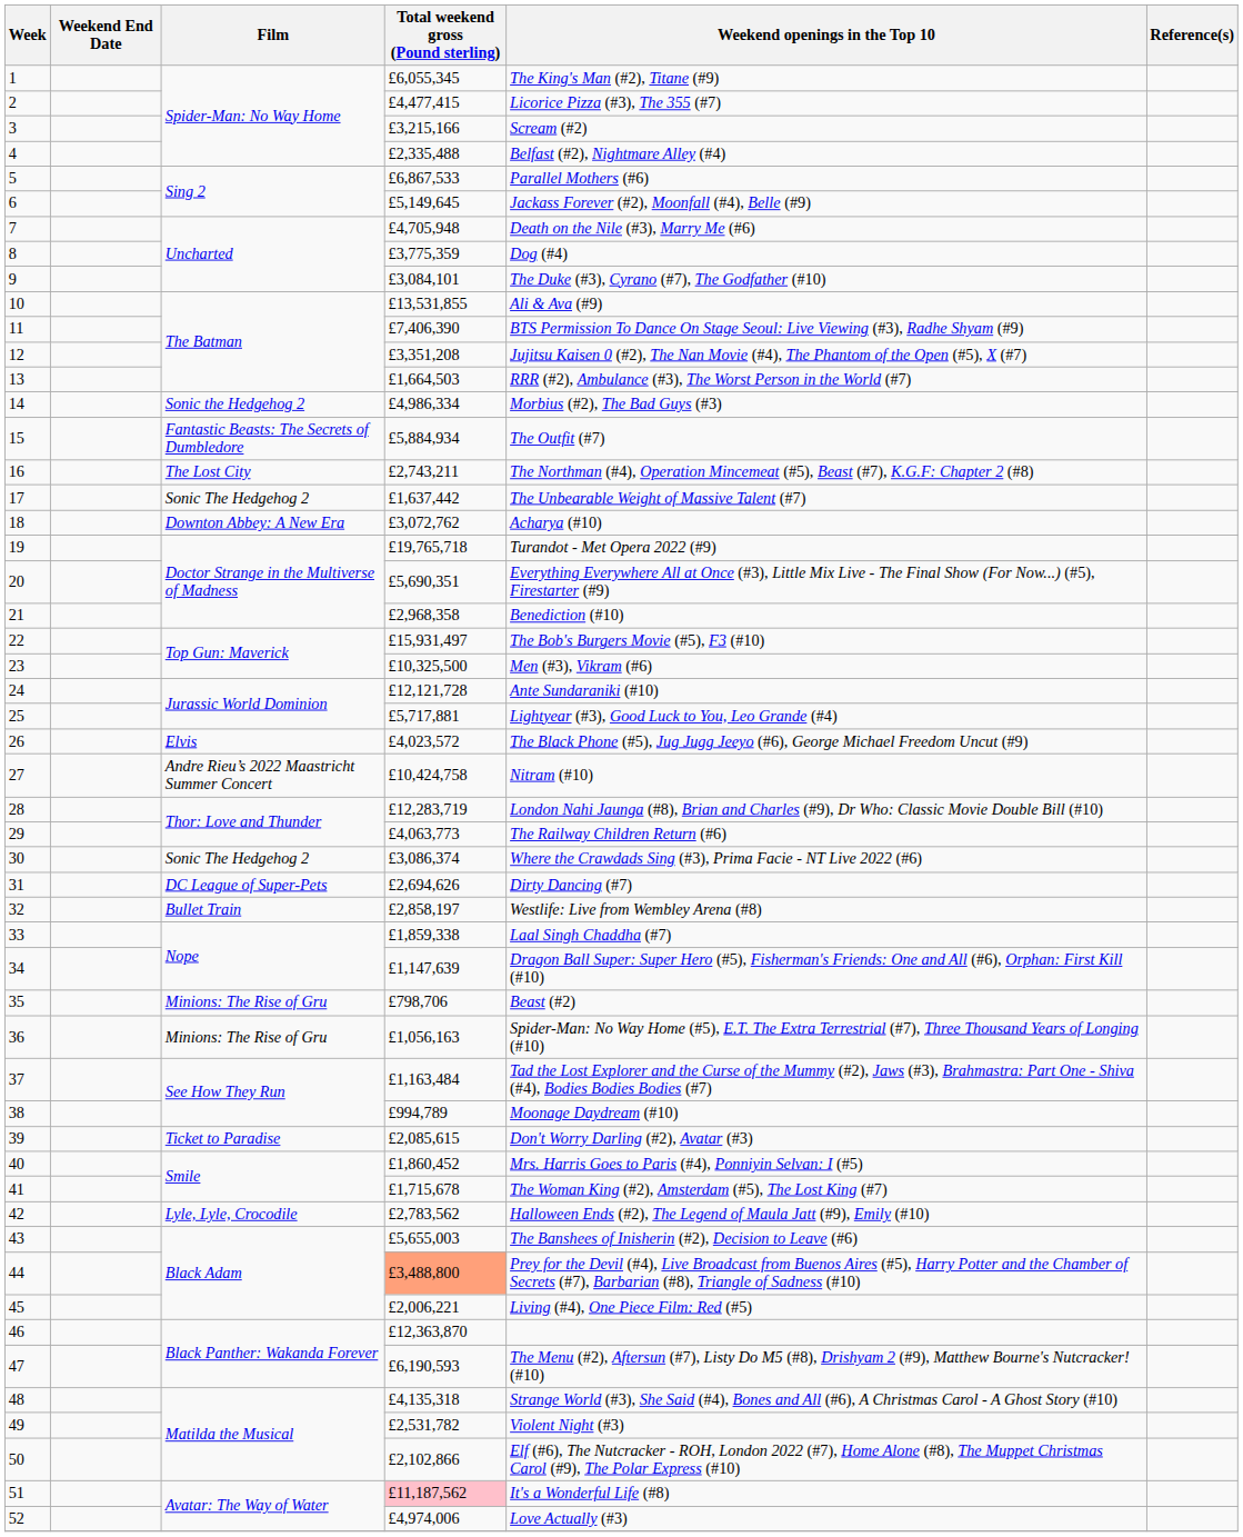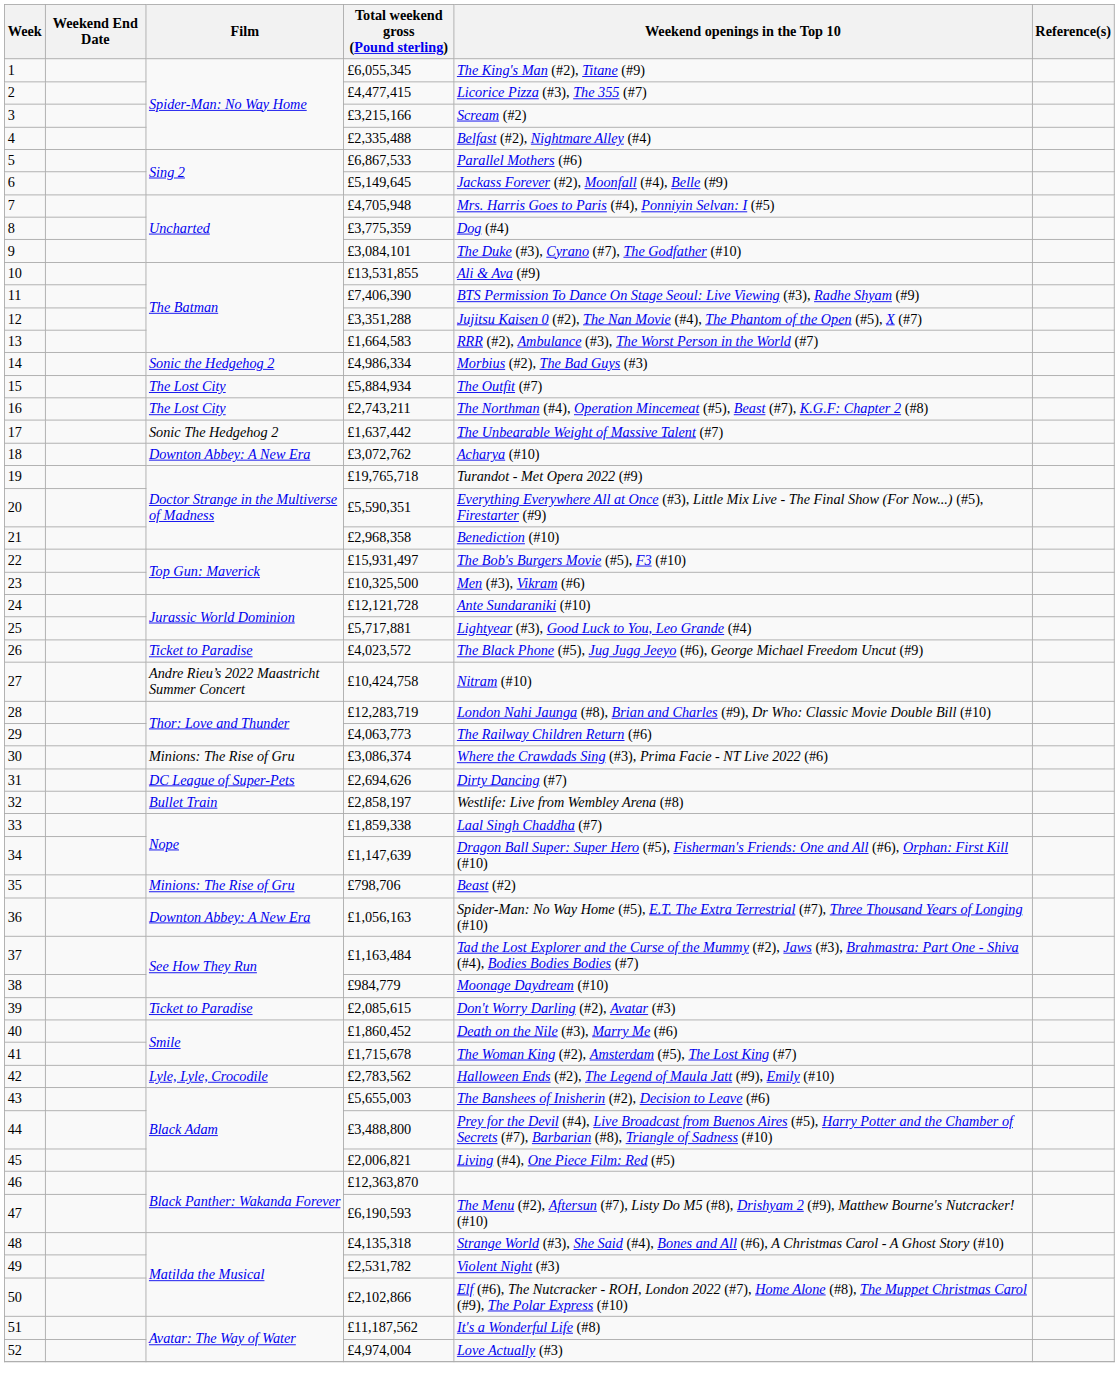 <table class="wikitable sortable">
 <tr>
 <th>Week</th>
 <th>Weekend End Date</th>
 <th>Film</th>
 <th>Total weekend gross<br>(<a href='#'>Pound sterling</a>)</th>
 <th>Weekend openings in the Top 10</th>
 <th>Reference(s)</th>
 </tr>
 <tr>
 <td>1</td>
 <td></td>
 <td rowspan="4"><em><a href='#'>Spider-Man: No Way Home</a></em></td>
 <td>£6,055,345</td>
 <td><em><a href='#'>The King's Man</a></em> (#2), <em><a href='#'>Titane</a></em> (#9)</td>
 <td align="center"></td>
 </tr>
 <tr>
 <td>2</td>
 <td></td>
 <td>£4,477,415</td>
 <td><em><a href='#'>Licorice Pizza</a></em> (#3), <em><a href='#'>The 355</a></em> (#7)</td>
 <td align="center"></td>
 </tr>
 <tr>
 <td>3</td>
 <td></td>
 <td>£3,215,166</td>
 <td><em><a href='#'>Scream</a></em> (#2)</td>
 <td align="center"></td>
 </tr>
 <tr>
 <td>4</td>
 <td></td>
 <td>£2,335,488</td>
 <td><em><a href='#'>Belfast</a></em> (#2), <em><a href='#'>Nightmare Alley</a></em> (#4)</td>
 <td align="center"></td>
 </tr>
 <tr>
 <td>5</td>
 <td></td>
 <td rowspan="2"><em><a href='#'>Sing 2</a></em></td>
 <td>£6,867,533</td>
 <td><em><a href='#'>Parallel Mothers</a></em> (#6)</td>
 <td align="center"></td>
 </tr>
 <tr>
 <td>6</td>
 <td></td>
 <td>£5,149,645</td>
 <td><em><a href='#'>Jackass Forever</a></em> (#2), <em><a href='#'>Moonfall</a></em> (#4), <em><a href='#'>Belle</a></em> (#9)</td>
 <td align="center"></td>
 </tr>
 <tr>
 <td>7</td>
 <td></td>
 <td rowspan="3"><em><a href='#'>Uncharted</a></em></td>
 <td>£4,705,948</td>
-<td><em><a href='#'>Death on the Nile</a></em> (#3), <em><a href='#'>Marry Me</a></em> (#6)</td>
+<td><em><a href='#'>Mrs. Harris Goes to Paris</a></em> (#4), <em><a href='#'>Ponniyin Selvan: I</a></em> (#5)</td>
 <td align="center"></td>
 </tr>
 <tr>
 <td>8</td>
 <td></td>
 <td>£3,775,359</td>
 <td><em><a href='#'>Dog</a></em> (#4)</td>
 <td align="center"></td>
 </tr>
 <tr>
 <td>9</td>
 <td></td>
 <td>£3,084,101</td>
 <td><em><a href='#'>The Duke</a></em> (#3), <em><a href='#'>Cyrano</a></em> (#7), <em><a href='#'>The Godfather</a></em> (#10)</td>
 <td align="center"></td>
 </tr>
 <tr>
 <td>10</td>
 <td></td>
 <td rowspan="4"><em><a href='#'>The Batman</a></em></td>
 <td>£13,531,855</td>
 <td><em><a href='#'>Ali & Ava</a></em> (#9)</td>
 <td align="center"></td>
 </tr>
 <tr>
 <td>11</td>
 <td></td>
 <td>£7,406,390</td>
 <td><em><a href='#'>BTS Permission To Dance On Stage Seoul: Live Viewing</a></em> (#3), <em><a href='#'>Radhe Shyam</a></em> (#9)</td>
 <td align="center"></td>
 </tr>
 <tr>
 <td>12</td>
 <td></td>
-<td>£3,351,208</td>
+<td>£3,351,288</td>
 <td><em><a href='#'>Jujitsu Kaisen 0</a></em> (#2), <em><a href='#'>The Nan Movie</a></em> (#4), <em><a href='#'>The Phantom of the Open</a></em> (#5), <em><a href='#'>X</a></em> (#7)</td>
 <td align="center"></td>
 </tr>
 <tr>
 <td>13</td>
 <td></td>
-<td>£1,664,503</td>
+<td>£1,664,583</td>
 <td><em><a href='#'>RRR</a></em> (#2), <em><a href='#'>Ambulance</a></em> (#3), <em><a href='#'>The Worst Person in the World</a></em> (#7)</td>
 <td align="center"></td>
 </tr>
 <tr>
 <td>14</td>
 <td></td>
 <td><em><a href='#'>Sonic the Hedgehog 2</a></em></td>
 <td>£4,986,334</td>
 <td><em><a href='#'>Morbius</a></em> (#2), <em><a href='#'>The Bad Guys</a></em> (#3)</td>
 <td align="center"></td>
 </tr>
 <tr>
 <td>15</td>
 <td></td>
-<td><em><a href='#'>Fantastic Beasts: The Secrets of Dumbledore</a></em></td>
+<td><em><a href='#'>The Lost City</a></em></td>
 <td>£5,884,934</td>
 <td><em><a href='#'>The Outfit</a></em> (#7)</td>
 <td align="center"></td>
 </tr>
 <tr>
 <td>16</td>
 <td></td>
 <td><em><a href='#'>The Lost City</a></em></td>
 <td>£2,743,211</td>
 <td><em><a href='#'>The Northman</a></em> (#4), <em><a href='#'>Operation Mincemeat</a></em> (#5), <em><a href='#'>Beast</a></em> (#7), <em><a href='#'>K.G.F: Chapter 2</a></em> (#8)</td>
 <td align="center"></td>
 </tr>
 <tr>
 <td>17</td>
 <td></td>
 <td><em>Sonic The Hedgehog 2</em></td>
 <td>£1,637,442</td>
 <td><em><a href='#'>The Unbearable Weight of Massive Talent</a></em> (#7)</td>
 <td align="center"></td>
 </tr>
 <tr>
 <td>18</td>
 <td></td>
 <td><em><a href='#'>Downton Abbey: A New Era</a></em></td>
 <td>£3,072,762</td>
 <td><em><a href='#'>Acharya</a></em> (#10)</td>
 <td align="center"></td>
 </tr>
 <tr>
 <td>19</td>
 <td></td>
 <td rowspan="3"><em><a href='#'>Doctor Strange in the Multiverse of Madness</a></em></td>
 <td>£19,765,718</td>
 <td><em>Turandot - Met Opera 2022</em> (#9)</td>
 <td align="center"></td>
 </tr>
 <tr>
 <td>20</td>
 <td></td>
-<td>£5,690,351</td>
+<td>£5,590,351</td>
 <td><em><a href='#'>Everything Everywhere All at Once</a></em> (#3), <em>Little Mix Live - The Final Show (For Now...)</em> (#5), <em><a href='#'>Firestarter</a></em> (#9)</td>
 <td align="center"></td>
 </tr>
 <tr>
 <td>21</td>
 <td></td>
 <td>£2,968,358</td>
 <td><em><a href='#'>Benediction</a></em> (#10)</td>
 <td align="center"></td>
 </tr>
 <tr>
 <td>22</td>
 <td></td>
 <td rowspan="2"><em><a href='#'>Top Gun: Maverick</a></em></td>
 <td>£15,931,497</td>
 <td><em><a href='#'>The Bob's Burgers Movie</a></em> (#5), <em><a href='#'>F3</a></em> (#10)</td>
 <td align="center"></td>
 </tr>
 <tr>
 <td>23</td>
 <td></td>
 <td>£10,325,500</td>
 <td><em><a href='#'>Men</a></em> (#3), <em><a href='#'>Vikram</a></em> (#6)</td>
 <td align="center"></td>
 </tr>
 <tr>
 <td>24</td>
 <td></td>
 <td rowspan="2"><em><a href='#'>Jurassic World Dominion</a></em></td>
 <td>£12,121,728</td>
 <td><em><a href='#'>Ante Sundaraniki</a></em> (#10)</td>
 <td align="center"></td>
 </tr>
 <tr>
 <td>25</td>
 <td></td>
 <td>£5,717,881</td>
 <td><em><a href='#'>Lightyear</a></em> (#3), <em><a href='#'>Good Luck to You, Leo Grande</a></em> (#4)</td>
 <td align="center"></td>
 </tr>
 <tr>
 <td>26</td>
 <td></td>
-<td><em><a href='#'>Elvis</a></em></td>
+<td><em><a href='#'>Ticket to Paradise</a></em></td>
 <td>£4,023,572</td>
 <td><em><a href='#'>The Black Phone</a></em> (#5), <em><a href='#'>Jug Jugg Jeeyo</a></em> (#6), <em>George Michael Freedom Uncut</em> (#9)</td>
 <td align="center"></td>
 </tr>
 <tr>
 <td>27</td>
 <td></td>
 <td><em>Andre Rieu’s 2022 Maastricht Summer Concert</em></td>
 <td>£10,424,758</td>
 <td><em><a href='#'>Nitram</a></em> (#10)</td>
 <td align="center"></td>
 </tr>
 <tr>
 <td>28</td>
 <td></td>
 <td rowspan="2"><em><a href='#'>Thor: Love and Thunder</a></em></td>
 <td>£12,283,719</td>
 <td><em><a href='#'>London Nahi Jaunga</a></em> (#8), <em><a href='#'>Brian and Charles</a></em> (#9), <em>Dr Who: Classic Movie Double Bill</em> (#10)</td>
 <td align="center"></td>
 </tr>
 <tr>
 <td>29</td>
 <td></td>
 <td>£4,063,773</td>
 <td><em><a href='#'>The Railway Children Return</a></em> (#6)</td>
 <td align="center"></td>
 </tr>
 <tr>
 <td>30</td>
 <td></td>
-<td><em>Sonic The Hedgehog 2</em></td>
+<td><em>Minions: The Rise of Gru</em></td>
 <td>£3,086,374</td>
 <td><em><a href='#'>Where the Crawdads Sing</a></em> (#3), <em>Prima Facie - NT Live 2022</em> (#6)</td>
 <td align="center"></td>
 </tr>
 <tr>
 <td>31</td>
 <td></td>
 <td><em><a href='#'>DC League of Super-Pets</a></em></td>
 <td>£2,694,626</td>
 <td><em><a href='#'>Dirty Dancing</a></em> (#7)</td>
 <td align="center"></td>
 </tr>
 <tr>
 <td>32</td>
 <td></td>
 <td><em><a href='#'>Bullet Train</a></em></td>
 <td>£2,858,197</td>
 <td><em>Westlife: Live from Wembley Arena</em> (#8)</td>
 <td align="center"></td>
 </tr>
 <tr>
 <td>33</td>
 <td></td>
 <td rowspan="2"><em><a href='#'>Nope</a></em></td>
 <td>£1,859,338</td>
 <td><em><a href='#'>Laal Singh Chaddha</a></em> (#7)</td>
 <td align="center"></td>
 </tr>
 <tr>
 <td>34</td>
 <td></td>
 <td>£1,147,639</td>
 <td><em><a href='#'>Dragon Ball Super: Super Hero</a></em> (#5), <em><a href='#'>Fisherman's Friends: One and All</a></em> (#6), <em><a href='#'>Orphan: First Kill</a></em> (#10)</td>
 <td align="center"></td>
 </tr>
 <tr>
 <td>35</td>
 <td></td>
 <td><em><a href='#'>Minions: The Rise of Gru</a></em></td>
 <td>£798,706</td>
 <td><em><a href='#'>Beast</a></em> (#2)</td>
 <td align="center"></td>
 </tr>
 <tr>
 <td>36</td>
 <td></td>
-<td><em>Minions: The Rise of Gru</em></td>
+<td><em><a href='#'>Downton Abbey: A New Era</a></em></td>
 <td>£1,056,163</td>
 <td><em>Spider-Man: No Way Home</em> (#5), <em><a href='#'>E.T. The Extra Terrestrial</a></em> (#7), <em><a href='#'>Three Thousand Years of Longing</a></em> (#10)</td>
 <td align="center"></td>
 </tr>
 <tr>
 <td>37</td>
 <td></td>
 <td rowspan="2"><em><a href='#'>See How They Run</a></em></td>
 <td>£1,163,484</td>
 <td><em><a href='#'>Tad the Lost Explorer and the Curse of the Mummy</a></em> (#2), <em><a href='#'>Jaws</a></em> (#3), <em><a href='#'>Brahmastra: Part One - Shiva</a></em> (#4), <em><a href='#'>Bodies Bodies Bodies</a></em> (#7)</td>
 <td align="center"></td>
 </tr>
 <tr>
 <td>38</td>
 <td></td>
-<td>£994,789</td>
+<td>£984,779</td>
 <td><em><a href='#'>Moonage Daydream</a></em> (#10)</td>
 <td align="center"></td>
 </tr>
 <tr>
 <td>39</td>
 <td></td>
 <td><em><a href='#'>Ticket to Paradise</a></em></td>
 <td>£2,085,615</td>
 <td><em><a href='#'>Don't Worry Darling</a></em> (#2), <em><a href='#'>Avatar</a></em> (#3)</td>
 <td align="center"></td>
 </tr>
 <tr>
 <td>40</td>
 <td></td>
 <td rowspan="2"><em><a href='#'>Smile</a></em></td>
 <td>£1,860,452</td>
-<td><em><a href='#'>Mrs. Harris Goes to Paris</a></em> (#4), <em><a href='#'>Ponniyin Selvan: I</a></em> (#5)</td>
+<td><em><a href='#'>Death on the Nile</a></em> (#3), <em><a href='#'>Marry Me</a></em> (#6)</td>
 <td align="center"></td>
 </tr>
 <tr>
 <td>41</td>
 <td></td>
 <td>£1,715,678</td>
 <td><em><a href='#'>The Woman King</a></em> (#2), <em><a href='#'>Amsterdam</a></em> (#5), <em><a href='#'>The Lost King</a></em> (#7)</td>
 <td align="center"></td>
 </tr>
 <tr>
 <td>42</td>
 <td></td>
 <td><em><a href='#'>Lyle, Lyle, Crocodile</a></em></td>
 <td>£2,783,562</td>
 <td><em><a href='#'>Halloween Ends</a></em> (#2), <em><a href='#'>The Legend of Maula Jatt</a></em> (#9), <em><a href='#'>Emily</a></em> (#10)</td>
 <td align="center"></td>
 </tr>
 <tr>
 <td>43</td>
 <td></td>
 <td rowspan="3"><em><a href='#'>Black Adam</a></em></td>
 <td>£5,655,003</td>
 <td><em><a href='#'>The Banshees of Inisherin</a></em> (#2), <em><a href='#'>Decision to Leave</a></em> (#6)</td>
 <td align="center"></td>
 </tr>
 <tr>
 <td>44</td>
 <td></td>
-<td style="background: lightsalmon;">£3,488,800</td>
+<td>£3,488,800</td>
 <td><em><a href='#'>Prey for the Devil</a></em> (#4), <em><a href='#'>Live Broadcast from Buenos Aires</a></em> (#5), <em><a href='#'>Harry Potter and the Chamber of Secrets</a></em> (#7), <em><a href='#'>Barbarian</a></em> (#8), <em><a href='#'>Triangle of Sadness</a></em> (#10)</td>
 <td align="center"></td>
 </tr>
 <tr>
 <td>45</td>
 <td></td>
-<td>£2,006,221</td>
+<td>£2,006,821</td>
 <td><em><a href='#'>Living</a></em> (#4), <em><a href='#'>One Piece Film: Red</a></em> (#5)</td>
 <td align="center"></td>
 </tr>
 <tr>
 <td>46</td>
 <td></td>
 <td rowspan="2"><em><a href='#'>Black Panther: Wakanda Forever</a></em></td>
 <td>£12,363,870</td>
 <td></td>
 <td align="center"></td>
 </tr>
 <tr>
 <td>47</td>
 <td></td>
 <td>£6,190,593</td>
 <td><em><a href='#'>The Menu</a></em> (#2), <em><a href='#'>Aftersun</a></em> (#7), <em>Listy Do M5</em> (#8), <em><a href='#'>Drishyam 2</a></em> (#9), <em>Matthew Bourne's Nutcracker!</em> (#10)</td>
 <td align="center"></td>
 </tr>
 <tr>
 <td>48</td>
 <td></td>
 <td rowspan="3"><em><a href='#'>Matilda the Musical</a></em></td>
 <td>£4,135,318</td>
 <td><em><a href='#'>Strange World</a></em> (#3), <em><a href='#'>She Said</a></em> (#4), <em><a href='#'>Bones and All</a></em> (#6), <em>A Christmas Carol - A Ghost Story</em> (#10)</td>
 <td align="center"></td>
 </tr>
 <tr>
 <td>49</td>
 <td></td>
 <td>£2,531,782</td>
 <td><em><a href='#'>Violent Night</a></em> (#3)</td>
 <td align="center"></td>
 </tr>
 <tr>
 <td>50</td>
 <td></td>
 <td>£2,102,866</td>
 <td><em><a href='#'>Elf</a></em> (#6), <em>The Nutcracker - ROH, London 2022</em> (#7), <em><a href='#'>Home Alone</a></em> (#8), <em><a href='#'>The Muppet Christmas Carol</a></em> (#9), <em><a href='#'>The Polar Express</a></em> (#10)</td>
 <td align="center"></td>
 </tr>
 <tr>
 <td>51</td>
 <td></td>
 <td rowspan="2"><em><a href='#'>Avatar: The Way of Water</a></em></td>
-<td style="background: pink;">£11,187,562</td>
+<td>£11,187,562</td>
 <td><em><a href='#'>It's a Wonderful Life</a></em> (#8)</td>
 <td align="center"></td>
 </tr>
 <tr>
 <td>52</td>
 <td></td>
-<td>£4,974,006</td>
+<td>£4,974,004</td>
 <td><em><a href='#'>Love Actually</a></em> (#3)</td>
 <td align="center"></td>
 </tr>
 <tr>
 </tr>
 </table>
